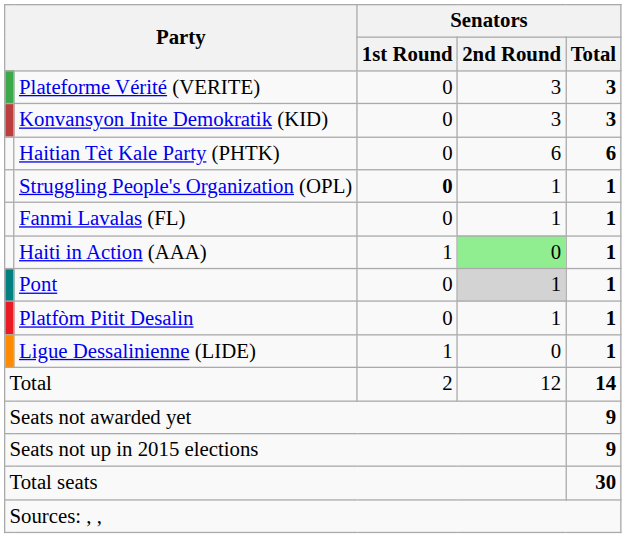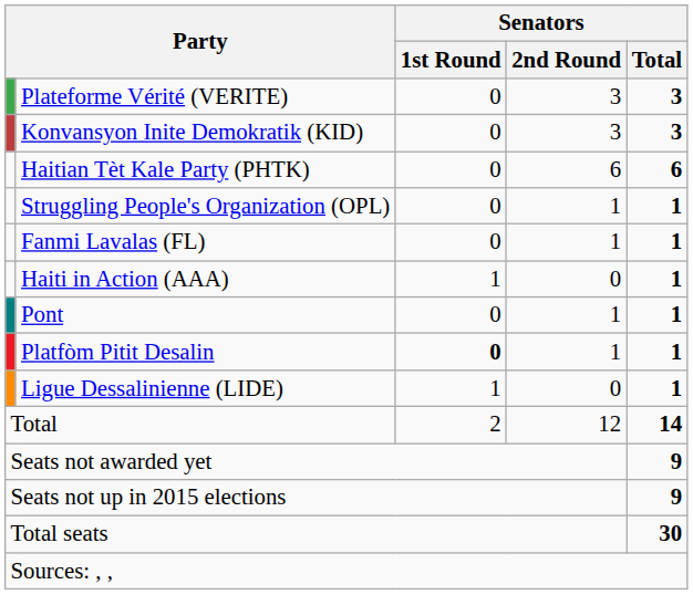 <table class="wikitable">
 <tr>
 <th colspan="2" rowspan="2">Party</th>
 <th colspan="3">Senators</th>
 </tr>
 <tr>
 <th>1st Round</th>
 <th>2nd Round</th>
 <th>Total</th>
 </tr>
 <tr>
 <td bgcolor=#3BA94A></td>
 <td><a href='#'>Plateforme Vérité</a> (VERITE)</td>
 <td align=right>0</td>
 <td align=right>3</td>
 <td align=right><strong>3</strong></td>
 </tr>
 <tr>
 <td bgcolor=#BB3D3E></td>
 <td><a href='#'>Konvansyon Inite Demokratik</a> (KID)</td>
 <td align=right>0</td>
 <td align=right>3</td>
 <td align=right><strong>3</strong></td>
 </tr>
 <tr>
 <td bgcolor=></td>
 <td><a href='#'>Haitian Tèt Kale Party</a> (PHTK)</td>
 <td align=right>0</td>
 <td align=right>6</td>
 <td align=right><strong>6</strong></td>
 </tr>
 <tr>
 <td bgcolor=></td>
 <td><a href='#'>Struggling People's Organization</a> (OPL)</td>
-<td align=right><strong>0</strong></td>
+<td align=right>0</td>
 <td align=right>1</td>
 <td align=right><strong>1</strong></td>
 </tr>
 <tr>
 <td bgcolor=></td>
 <td><a href='#'>Fanmi Lavalas</a> (FL)</td>
 <td align=right>0</td>
 <td align=right>1</td>
 <td align=right><strong>1</strong></td>
 </tr>
 <tr>
 <td bgcolor=></td>
 <td><a href='#'>Haiti in Action</a> (AAA)</td>
 <td align=right>1</td>
-<td align=right style="background: lightgreen;">0</td>
+<td align=right>0</td>
 <td align=right><strong>1</strong></td>
 </tr>
 <tr>
 <td bgcolor=#008080></td>
 <td><a href='#'>Pont</a></td>
 <td align=right>0</td>
-<td align=right style="background: lightgrey;">1</td>
+<td align=right>1</td>
 <td align=right><strong>1</strong></td>
 </tr>
 <tr>
 <td bgcolor=#EB1A22></td>
 <td><a href='#'>Platfòm Pitit Desalin</a></td>
-<td align=right>0</td>
+<td align=right><strong>0</strong></td>
 <td align=right>1</td>
 <td align=right><strong>1</strong></td>
 </tr>
 <tr>
 <td bgcolor=#FF8C00></td>
 <td><a href='#'>Ligue Dessalinienne</a> (LIDE)</td>
 <td align=right>1</td>
 <td align=right>0</td>
 <td align=right><strong>1</strong></td>
 </tr>
 <tr>
 <td colspan=2>Total</td>
 <td align=right>2</td>
 <td align=right>12</td>
 <td align=right><strong>14</strong></td>
 </tr>
 <tr>
 <td colspan=4>Seats not awarded yet</td>
 <td align=right><strong>9</strong></td>
 </tr>
 <tr>
 <td colspan=4>Seats not up in 2015 elections</td>
 <td align=right><strong>9</strong></td>
 </tr>
 <tr>
 <td colspan=4>Total seats</td>
 <td align=right><strong>30</strong></td>
 </tr>
 <tr>
 <td colspan=8>Sources: , , </td>
 </tr>
 </table>
